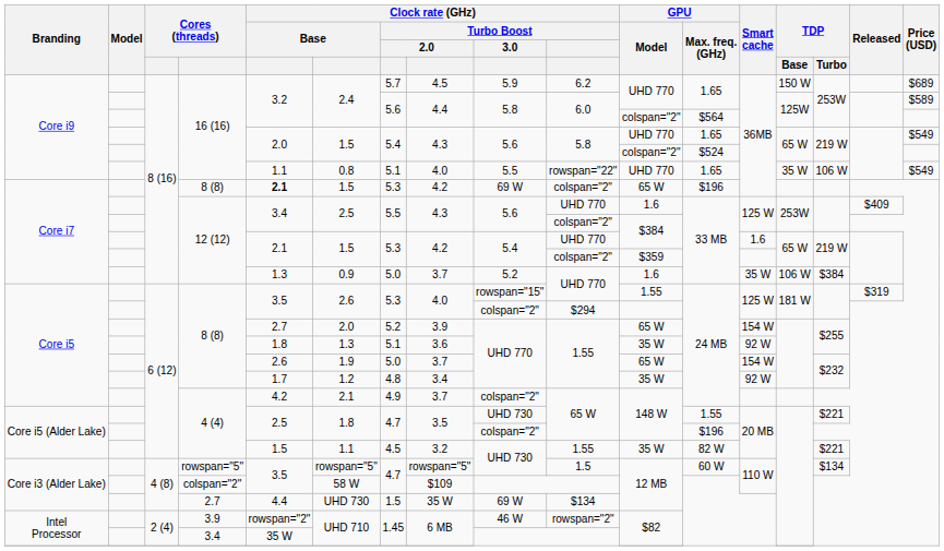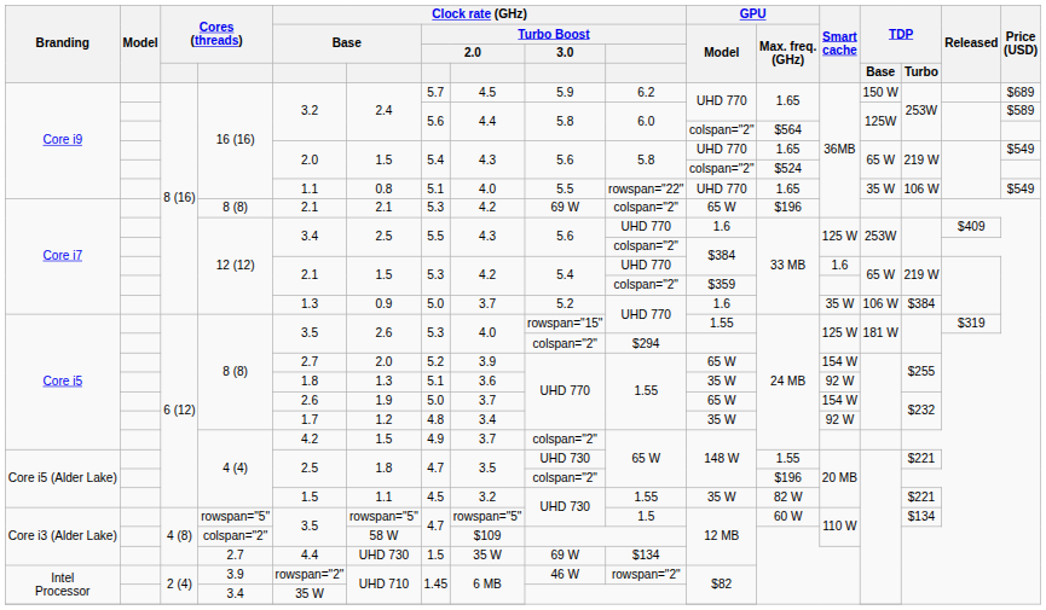 <table class="wikitable sortable" style="text-align:center;">
 <tr>
 <th rowspan="4">Branding</th>
 <th rowspan="4">Model</th>
 <th colspan="2" rowspan="3"><a href='#'>Cores</a><br>(<a href='#'>threads</a>)</th>
 <th colspan="6"><a href='#'>Clock rate</a> (GHz)</th>
 <th colspan="2"><a href='#'>GPU</a></th>
 <th rowspan="4"><a href='#'>Smart<br>cache</a></th>
 <th colspan="2" rowspan="3"><a href='#'>TDP</a></th>
 <th rowspan="4">Released</th>
 <th rowspan="4">Price <br> (USD)</th>
 </tr>
 <tr>
 <th colspan="2" rowspan="2">Base</th>
 <th colspan="4"><a href='#'>Turbo Boost</a></th>
 <th rowspan="3">Model</th>
 <th rowspan="3">Max. freq.<br>(GHz)</th>
 </tr>
 <tr>
 <th colspan="2">2.0</th>
 <th>3.0</th>
 <th></th>
 </tr>
 <tr>
 <th></th>
 <th></th>
 <th></th>
 <th></th>
 <th></th>
 <th></th>
 <th></th>
 <th></th>
 <th>Base</th>
 <th>Turbo</th>
 </tr>
 <tr>
 <td rowspan="6"><a href='#'>Core i9</a></td>
 <td></td>
 <td rowspan="12">8 (16)</td>
 <td rowspan="6">16 (16)</td>
 <td rowspan="3">3.2</td>
 <td rowspan="3">2.4</td>
 <td>5.7</td>
 <td>4.5</td>
 <td>5.9</td>
 <td>6.2</td>
 <td rowspan="2">UHD 770</td>
 <td rowspan="2">1.65</td>
 <td rowspan="7">36MB</td>
 <td>150 W</td>
 <td rowspan="3">253W</td>
 <td></td>
 <td>$689</td>
 </tr>
 <tr>
 <td></td>
 <td rowspan="2">5.6</td>
 <td rowspan="2">4.4</td>
 <td rowspan="2">5.8</td>
 <td rowspan="2">6.0</td>
 <td rowspan="2">125W</td>
 <td rowspan="2"></td>
 <td>$589</td>
 </tr>
 <tr>
 <td></td>
 <td>colspan="2" </td>
 <td>$564</td>
 </tr>
 <tr>
 <td></td>
 <td rowspan="2">2.0</td>
 <td rowspan="2">1.5</td>
 <td rowspan="2">5.4</td>
 <td rowspan="2">4.3</td>
 <td rowspan="2">5.6</td>
 <td rowspan="2">5.8</td>
 <td>UHD 770</td>
 <td>1.65</td>
 <td rowspan="2">65 W</td>
 <td rowspan="2">219 W</td>
 <td rowspan="3"></td>
 <td>$549</td>
 </tr>
 <tr>
 <td></td>
 <td>colspan="2" </td>
 <td>$524</td>
 </tr>
 <tr>
 <td></td>
 <td>1.1</td>
 <td>0.8</td>
 <td>5.1</td>
 <td>4.0</td>
 <td>5.5</td>
 <td>rowspan="22" </td>
 <td>UHD 770</td>
 <td>1.65</td>
 <td>35 W</td>
 <td>106 W</td>
 <td>$549</td>
 </tr>
 <tr>
 <td rowspan="6"><a href='#'>Core i7</a></td>
 <td></td>
 <td>8 (8)</td>
-<td><strong>2.1</strong></td>
-<td>1.5</td>
+<td>2.1</td>
+<td>2.1</td>
 <td>5.3</td>
 <td>4.2</td>
 <td>69 W</td>
 <td>colspan="2" </td>
 <td>65 W</td>
 <td>$196</td>
 <td></td>
 <td style="line-height:100%"></td>
 </tr>
 <tr>
 <td></td>
 <td rowspan="5">12 (12)</td>
 <td rowspan="2">3.4</td>
 <td rowspan="2">2.5</td>
 <td rowspan="2">5.5</td>
 <td rowspan="2">4.3</td>
 <td rowspan="2">5.6</td>
 <td>UHD 770</td>
 <td>1.6</td>
 <td rowspan="5">33 MB</td>
 <td rowspan="2">125 W</td>
 <td rowspan="2">253W</td>
 <td rowspan="2"></td>
 <td>$409</td>
 </tr>
 <tr>
 <td></td>
 <td>colspan="2" </td>
 <td rowspan="2">$384</td>
 </tr>
 <tr>
 <td></td>
 <td rowspan="2">2.1</td>
 <td rowspan="2">1.5</td>
 <td rowspan="2">5.3</td>
 <td rowspan="2">4.2</td>
 <td rowspan="2">5.4</td>
 <td>UHD 770</td>
 <td>1.6</td>
 <td rowspan="2">65 W</td>
 <td rowspan="2">219 W</td>
 <td rowspan="3"></td>
 </tr>
 <tr>
 <td></td>
 <td>colspan="2" </td>
 <td>$359</td>
 </tr>
 <tr>
 <td></td>
 <td>1.3</td>
 <td>0.9</td>
 <td>5.0</td>
 <td>3.7</td>
 <td>5.2</td>
 <td rowspan="2">UHD 770</td>
 <td>1.6</td>
 <td>35 W</td>
 <td>106 W</td>
 <td>$384</td>
 </tr>
 <tr>
 <td rowspan="7"><a href='#'>Core i5</a></td>
 <td></td>
 <td rowspan="10">6 (12)</td>
 <td rowspan="6">8 (8)</td>
 <td rowspan="2">3.5</td>
 <td rowspan="2">2.6</td>
 <td rowspan="2">5.3</td>
 <td rowspan="2">4.0</td>
 <td>rowspan="15" </td>
 <td>1.55</td>
 <td rowspan="7">24 MB</td>
 <td rowspan="2">125 W</td>
 <td rowspan="2">181 W</td>
 <td rowspan="2"></td>
 <td>$319</td>
 </tr>
 <tr>
 <td></td>
 <td>colspan="2" </td>
 <td>$294</td>
 </tr>
 <tr>
 <td></td>
 <td>2.7</td>
 <td>2.0</td>
 <td>5.2</td>
 <td>3.9</td>
 <td rowspan="4">UHD 770</td>
 <td rowspan="4">1.55</td>
 <td>65 W</td>
 <td>154 W</td>
 <td rowspan="4"></td>
 <td rowspan="2">$255</td>
 </tr>
 <tr>
 <td></td>
 <td>1.8</td>
 <td>1.3</td>
 <td>5.1</td>
 <td>3.6</td>
 <td>35 W</td>
 <td>92 W</td>
 </tr>
 <tr>
 <td></td>
 <td>2.6</td>
 <td>1.9</td>
 <td>5.0</td>
 <td>3.7</td>
 <td>65 W</td>
 <td>154 W</td>
 <td rowspan="2">$232</td>
 </tr>
 <tr>
 <td></td>
 <td>1.7</td>
 <td>1.2</td>
 <td>4.8</td>
 <td>3.4</td>
 <td>35 W</td>
 <td>92 W</td>
 </tr>
 <tr>
 <td></td>
 <td rowspan="4">4 (4)</td>
 <td>4.2</td>
-<td>2.1</td>
+<td>1.5</td>
 <td>4.9</td>
 <td>3.7</td>
 <td>colspan="2" </td>
 <td rowspan="3">65 W</td>
 <td rowspan="3">148 W</td>
 <td></td>
 <td style="line-height:100%"></td>
 </tr>
 <tr>
 <td rowspan="3">Core i5 (Alder Lake)</td>
 <td></td>
 <td rowspan="2">2.5</td>
 <td rowspan="2">1.8</td>
 <td rowspan="2">4.7</td>
 <td rowspan="2">3.5</td>
 <td>UHD 730</td>
 <td>1.55</td>
 <td rowspan="3">20 MB</td>
 <td rowspan="8"></td>
 <td>$221</td>
 </tr>
 <tr>
 <td></td>
 <td>colspan="2" </td>
 <td>$196</td>
 </tr>
 <tr>
 <td></td>
 <td>1.5</td>
 <td>1.1</td>
 <td>4.5</td>
 <td>3.2</td>
 <td rowspan="2">UHD 730</td>
 <td>1.55</td>
 <td>35 W</td>
 <td>82 W</td>
 <td>$221</td>
 </tr>
 <tr>
 <td rowspan="3">Core i3 (Alder Lake)</td>
 <td></td>
 <td rowspan="3">4 (8)</td>
 <td>rowspan="5" </td>
 <td rowspan="2">3.5</td>
 <td>rowspan="5" </td>
 <td rowspan="2">4.7</td>
 <td>rowspan="5" </td>
 <td>1.5</td>
 <td rowspan="3">12 MB</td>
 <td>60 W</td>
 <td rowspan="2">110 W</td>
 <td>$134</td>
 </tr>
 <tr>
 <td></td>
 <td>colspan="2" </td>
 <td>58 W</td>
 <td>$109</td>
 </tr>
 <tr>
 <td></td>
 <td>2.7</td>
 <td>4.4</td>
 <td>UHD 730</td>
 <td>1.5</td>
 <td>35 W</td>
 <td>69 W</td>
 <td>$134</td>
 </tr>
 <tr>
 <td rowspan="2">Intel <br> Processor</td>
 <td></td>
 <td rowspan="2">2 (4)</td>
 <td>3.9</td>
 <td>rowspan="2" </td>
 <td rowspan="2">UHD 710</td>
 <td rowspan="2">1.45</td>
 <td rowspan="2">6 MB</td>
 <td>46 W</td>
 <td>rowspan="2" </td>
 <td rowspan="2">$82</td>
 </tr>
 <tr>
 <td></td>
 <td>3.4</td>
 <td>35 W</td>
 </tr>
 <tr>
 </tr>
 </table>
